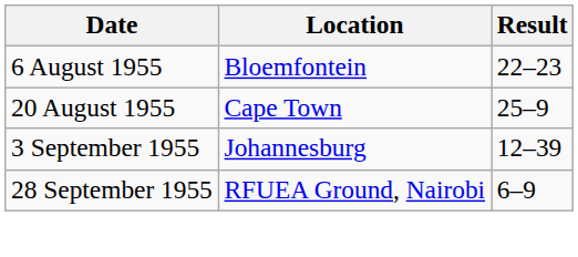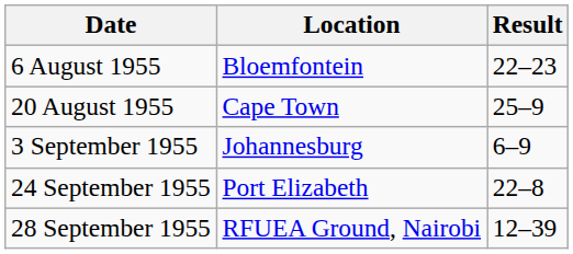 <table class="wikitable" style="align:center;">
 <tr>
 <th>Date</th>
 <th>Location</th>
 <th>Result</th>
 </tr>
 <tr>
 <td>6 August 1955</td>
 <td><a href='#'>Bloemfontein</a></td>
 <td> 22–23 </td>
 </tr>
 <tr>
 <td>20 August 1955</td>
 <td><a href='#'>Cape Town</a></td>
 <td> 25–9 </td>
 </tr>
 <tr>
 <td>3 September 1955</td>
 <td><a href='#'>Johannesburg</a></td>
-<td> 12–39 </td>
+<td> 6–9 </td>
+</tr>
+<tr>
+<td>24 September 1955</td>
+<td><a href='#'>Port Elizabeth</a></td>
+<td> 22–8 </td>
 </tr>
 <tr>
 <td>28 September 1955</td>
 <td><a href='#'>RFUEA Ground</a>, <a href='#'>Nairobi</a></td>
-<td> 6–9 </td>
+<td> 12–39 </td>
 </tr>
 </table>
